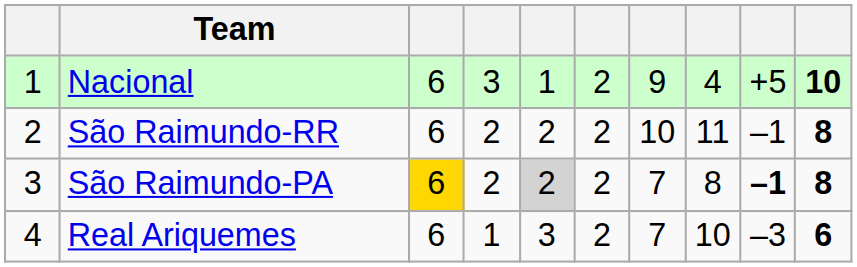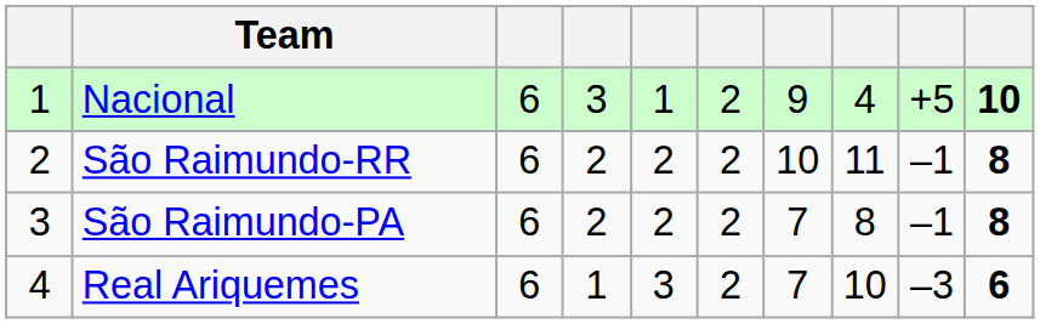 <table class="wikitable" style="text-align: center;">
 <tr>
 <th width=20></th>
 <th width=165>Team</th>
 <th width=20></th>
 <th width=20></th>
 <th width=20></th>
 <th width=20></th>
 <th width=20></th>
 <th width=20></th>
 <th width=20></th>
 <th width=20></th>
 </tr>
 <tr bgcolor=#ccffcc>
 <td>1</td>
 <td align=left> <a href='#'>Nacional</a></td>
 <td>6</td>
 <td>3</td>
 <td>1</td>
 <td>2</td>
 <td>9</td>
 <td>4</td>
 <td>+5</td>
 <td><strong>10</strong></td>
 </tr>
 <tr>
 <td>2</td>
 <td align=left> <a href='#'>São Raimundo-RR</a></td>
 <td>6</td>
 <td>2</td>
 <td>2</td>
 <td>2</td>
 <td>10</td>
 <td>11</td>
 <td>–1</td>
 <td><strong>8</strong></td>
 </tr>
 <tr>
 <td>3</td>
 <td align=left> <a href='#'>São Raimundo-PA</a></td>
-<td style="background: gold;">6</td>
+<td>6</td>
 <td>2</td>
-<td style="background: lightgrey;">2</td>
+<td>2</td>
 <td>2</td>
 <td>7</td>
 <td>8</td>
-<td><strong>–1</strong></td>
+<td>–1</td>
 <td><strong>8</strong></td>
 </tr>
 <tr>
 <td>4</td>
 <td align=left> <a href='#'>Real Ariquemes</a></td>
 <td>6</td>
 <td>1</td>
 <td>3</td>
 <td>2</td>
 <td>7</td>
 <td>10</td>
 <td>–3</td>
 <td><strong>6</strong></td>
 </tr>
 </table>
